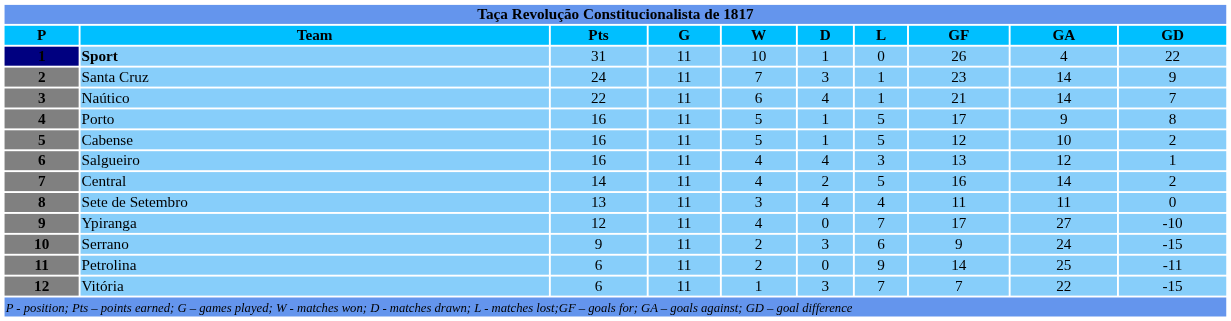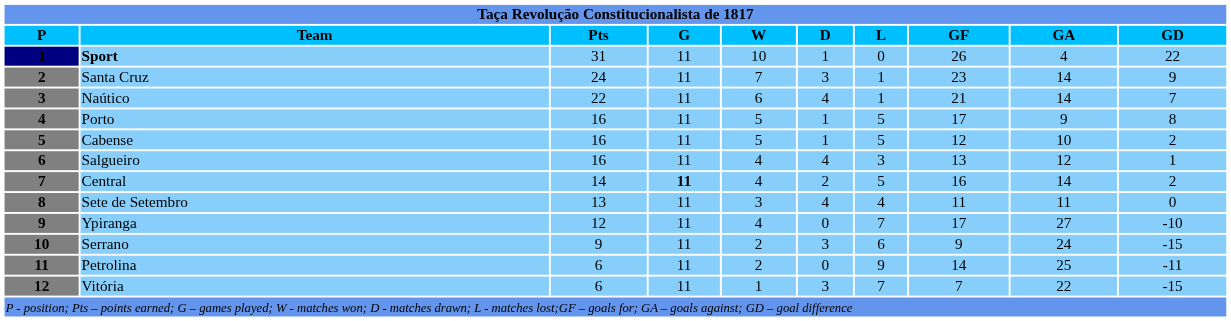 <table width=65% align="center" text-align="center">
 <tr>
 <th colspan="12" bgcolor=#6495ed><span>Taça Revolução Constitucionalista de 1817</span></th>
 </tr>
 <tr>
 <th bgcolor=#00bfff align="center"><span>P</span></th>
 <th bgcolor=#00bfff align="center"><span>Team</span></th>
 <th bgcolor=#00bfff align="center"><span>Pts</span></th>
 <th bgcolor=#00bfff align="center"><span> G</span></th>
 <th bgcolor=#00bfff align="center"><span> W</span></th>
 <th bgcolor=#00bfff align="center"><span> D</span></th>
 <th bgcolor=#00bfff align="center"><span> L</span></th>
 <th bgcolor=#00bfff align="center"><span>GF</span></th>
 <th bgcolor=#00bfff align="center"><span>GA</span></th>
 <th bgcolor=#00bfff align="center"><span>GD</span></th>
 </tr>
 <tr>
 <th bgcolor=#000080 align="center"><span>1</span></th>
 <td bgcolor=#87cefa><strong>Sport</strong></td>
 <td bgcolor=#87cefa align="center">31</td>
 <td bgcolor=#87cefa align="center">11</td>
 <td bgcolor=#87cefa align="center">10</td>
 <td bgcolor=#87cefa align="center">1</td>
 <td bgcolor=#87cefa align="center">0</td>
 <td bgcolor=#87cefa align="center">26</td>
 <td bgcolor=#87cefa align="center">4</td>
 <td bgcolor=#87cefa align="center">22</td>
 </tr>
 <tr>
 <th bgcolor=grey align="center"><span>2</span></th>
 <td bgcolor=#87cefa>Santa Cruz</td>
 <td bgcolor=#87cefa align="center">24</td>
 <td bgcolor=#87cefa align="center">11</td>
 <td bgcolor=#87cefa align="center">7</td>
 <td bgcolor=#87cefa align="center">3</td>
 <td bgcolor=#87cefa align="center">1</td>
 <td bgcolor=#87cefa align="center">23</td>
 <td bgcolor=#87cefa align="center">14</td>
 <td bgcolor=#87cefa align="center">9</td>
 </tr>
 <tr>
 <th bgcolor=grey align="center"><span>3</span></th>
 <td bgcolor=#87cefa>Naútico</td>
 <td bgcolor=#87cefa align="center">22</td>
 <td bgcolor=#87cefa align="center">11</td>
 <td bgcolor=#87cefa align="center">6</td>
 <td bgcolor=#87cefa align="center">4</td>
 <td bgcolor=#87cefa align="center">1</td>
 <td bgcolor=#87cefa align="center">21</td>
 <td bgcolor=#87cefa align="center">14</td>
 <td bgcolor=#87cefa align="center">7</td>
 </tr>
 <tr>
 <th bgcolor=grey align="center"><span>4</span></th>
 <td bgcolor=#87cefa>Porto</td>
 <td bgcolor=#87cefa align="center">16</td>
 <td bgcolor=#87cefa align="center">11</td>
 <td bgcolor=#87cefa align="center">5</td>
 <td bgcolor=#87cefa align="center">1</td>
 <td bgcolor=#87cefa align="center">5</td>
 <td bgcolor=#87cefa align="center">17</td>
 <td bgcolor=#87cefa align="center">9</td>
 <td bgcolor=#87cefa align="center">8</td>
 </tr>
 <tr>
 <th bgcolor=grey align="center"><span>5</span></th>
 <td bgcolor=#87cefa>Cabense</td>
 <td bgcolor=#87cefa align="center">16</td>
 <td bgcolor=#87cefa align="center">11</td>
 <td bgcolor=#87cefa align="center">5</td>
 <td bgcolor=#87cefa align="center">1</td>
 <td bgcolor=#87cefa align="center">5</td>
 <td bgcolor=#87cefa align="center">12</td>
 <td bgcolor=#87cefa align="center">10</td>
 <td bgcolor=#87cefa align="center">2</td>
 </tr>
 <tr>
 <th bgcolor=grey align="center"><span>6</span></th>
 <td bgcolor=#87cefa>Salgueiro</td>
 <td bgcolor=#87cefa align="center">16</td>
 <td bgcolor=#87cefa align="center">11</td>
 <td bgcolor=#87cefa align="center">4</td>
 <td bgcolor=#87cefa align="center">4</td>
 <td bgcolor=#87cefa align="center">3</td>
 <td bgcolor=#87cefa align="center">13</td>
 <td bgcolor=#87cefa align="center">12</td>
 <td bgcolor=#87cefa align="center">1</td>
 </tr>
 <tr>
 <th bgcolor=grey align="center"><span>7</span></th>
 <td bgcolor=#87cefa>Central</td>
 <td bgcolor=#87cefa align="center">14</td>
-<td bgcolor=#87cefa align="center">11</td>
+<td bgcolor=#87cefa align="center"><strong>11</strong></td>
 <td bgcolor=#87cefa align="center">4</td>
 <td bgcolor=#87cefa align="center">2</td>
 <td bgcolor=#87cefa align="center">5</td>
 <td bgcolor=#87cefa align="center">16</td>
 <td bgcolor=#87cefa align="center">14</td>
 <td bgcolor=#87cefa align="center">2</td>
 </tr>
 <tr>
 <th bgcolor=grey align="center"><span>8</span></th>
 <td bgcolor=#87cefa>Sete de Setembro</td>
 <td bgcolor=#87cefa align="center">13</td>
 <td bgcolor=#87cefa align="center">11</td>
 <td bgcolor=#87cefa align="center">3</td>
 <td bgcolor=#87cefa align="center">4</td>
 <td bgcolor=#87cefa align="center">4</td>
 <td bgcolor=#87cefa align="center">11</td>
 <td bgcolor=#87cefa align="center">11</td>
 <td bgcolor=#87cefa align="center">0</td>
 </tr>
 <tr>
 <th bgcolor=grey align="center"><span>9</span></th>
 <td bgcolor=#87cefa>Ypiranga</td>
 <td bgcolor=#87cefa align="center">12</td>
 <td bgcolor=#87cefa align="center">11</td>
 <td bgcolor=#87cefa align="center">4</td>
 <td bgcolor=#87cefa align="center">0</td>
 <td bgcolor=#87cefa align="center">7</td>
 <td bgcolor=#87cefa align="center">17</td>
 <td bgcolor=#87cefa align="center">27</td>
 <td bgcolor=#87cefa align="center">-10</td>
 </tr>
 <tr>
 <th bgcolor=grey align="center"><span>10</span></th>
 <td bgcolor=#87cefa>Serrano</td>
 <td bgcolor=#87cefa align="center">9</td>
 <td bgcolor=#87cefa align="center">11</td>
 <td bgcolor=#87cefa align="center">2</td>
 <td bgcolor=#87cefa align="center">3</td>
 <td bgcolor=#87cefa align="center">6</td>
 <td bgcolor=#87cefa align="center">9</td>
 <td bgcolor=#87cefa align="center">24</td>
 <td bgcolor=#87cefa align="center">-15</td>
 </tr>
 <tr>
 <th bgcolor=grey align="center"><span>11</span></th>
 <td bgcolor=#87cefa>Petrolina</td>
 <td bgcolor=#87cefa align="center">6</td>
 <td bgcolor=#87cefa align="center">11</td>
 <td bgcolor=#87cefa align="center">2</td>
 <td bgcolor=#87cefa align="center">0</td>
 <td bgcolor=#87cefa align="center">9</td>
 <td bgcolor=#87cefa align="center">14</td>
 <td bgcolor=#87cefa align="center">25</td>
 <td bgcolor=#87cefa align="center">-11</td>
 </tr>
 <tr>
 <th bgcolor=grey align="center"><span>12</span></th>
 <td bgcolor=#87cefa>Vitória</td>
 <td bgcolor=#87cefa align="center">6</td>
 <td bgcolor=#87cefa align="center">11</td>
 <td bgcolor=#87cefa align="center">1</td>
 <td bgcolor=#87cefa align="center">3</td>
 <td bgcolor=#87cefa align="center">7</td>
 <td bgcolor=#87cefa align="center">7</td>
 <td bgcolor=#87cefa align="center">22</td>
 <td bgcolor=#87cefa align="center">-15</td>
 </tr>
 <tr bgcolor=#6495ed>
 <td colspan="12"><span><small><em>P - position; Pts – points earned; G – games played; W - matches won; D - matches drawn; L - matches lost;GF – goals for; GA – goals against; GD – goal difference</em></small></span></td>
 </tr>
 </table>
